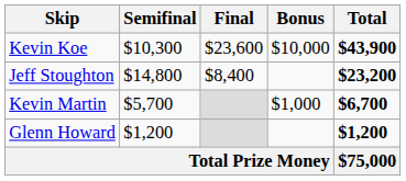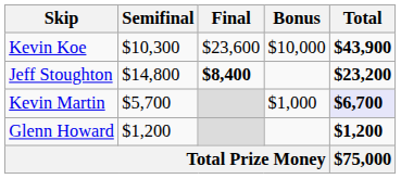 <table class="wikitable sortable">
 <tr>
 <th>Skip</th>
 <th>Semifinal</th>
 <th>Final</th>
 <th>Bonus</th>
 <th>Total</th>
 </tr>
 <tr>
 <td><a href='#'>Kevin Koe</a></td>
 <td>$10,300</td>
 <td>$23,600</td>
 <td>$10,000</td>
 <td><strong>$43,900</strong></td>
 </tr>
 <tr>
 <td><a href='#'>Jeff Stoughton</a></td>
 <td>$14,800</td>
-<td>$8,400</td>
+<td><strong>$8,400</strong></td>
 <td></td>
 <td><strong>$23,200</strong></td>
 </tr>
 <tr>
 <td><a href='#'>Kevin Martin</a></td>
 <td>$5,700</td>
 <td bgcolor=#DCDCDC></td>
 <td>$1,000</td>
-<td><strong>$6,700</strong></td>
+<td style="background: lavender;"><strong>$6,700</strong></td>
 </tr>
 <tr>
 <td><a href='#'>Glenn Howard</a></td>
 <td>$1,200</td>
 <td bgcolor=#DCDCDC></td>
 <td></td>
 <td><strong>$1,200</strong></td>
 </tr>
 <tr class=sortbottom>
 <th colspan=4 style="text-align:right;">Total Prize Money</th>
 <th>$75,000</th>
 </tr>
 </table>
